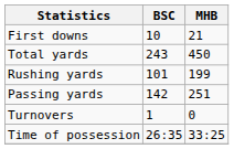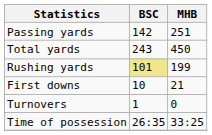 <table class="wikitable" style="float: left;">
 <tr>
 <th>Statistics</th>
 <th>BSC</th>
 <th>MHB</th>
 </tr>
 <tr>
-<td>First downs</td>
-<td>10</td>
-<td>21</td>
+<td>Passing yards</td>
+<td>142</td>
+<td>251</td>
 </tr>
 <tr>
 <td>Total yards</td>
 <td>243</td>
 <td>450</td>
 </tr>
 <tr>
 <td>Rushing yards</td>
-<td>101</td>
+<td style="background: khaki;">101</td>
 <td>199</td>
 </tr>
 <tr>
-<td>Passing yards</td>
-<td>142</td>
-<td>251</td>
+<td>First downs</td>
+<td>10</td>
+<td>21</td>
 </tr>
 <tr>
 <td>Turnovers</td>
 <td>1</td>
 <td>0</td>
 </tr>
 <tr>
 <td>Time of possession</td>
 <td>26:35</td>
 <td>33:25</td>
 </tr>
 <tr>
 </tr>
 </table>
